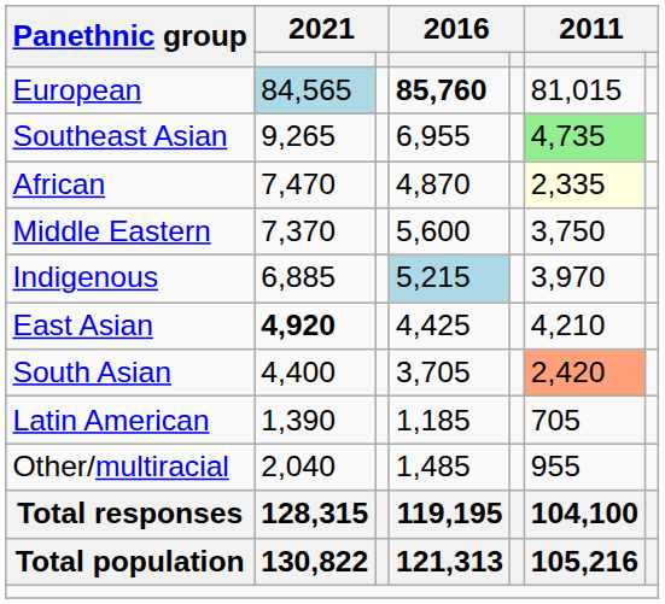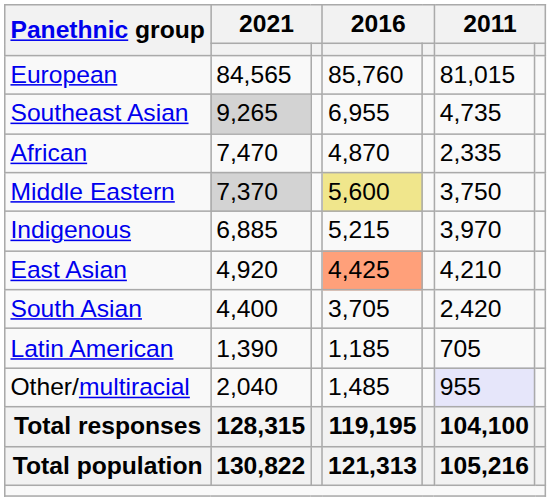 <table class="wikitable collapsible sortable">
 <tr>
 <th rowspan="2"><a href='#'>Panethnic</a> group</th>
 <th colspan="2">2021</th>
 <th colspan="2">2016</th>
 <th colspan="2">2011</th>
 </tr>
 <tr>
 <th><a href='#'></a></th>
 <th></th>
 <th></th>
 <th></th>
 <th></th>
 <th></th>
 </tr>
 <tr>
 <td><a href='#'>European</a></td>
-<td style="background: lightblue;">84,565</td>
+<td>84,565</td>
 <td></td>
-<td><strong>85,760</strong></td>
+<td>85,760</td>
 <td></td>
 <td>81,015</td>
 <td></td>
 </tr>
 <tr>
 <td><a href='#'>Southeast Asian</a></td>
-<td>9,265</td>
+<td style="background: lightgrey;">9,265</td>
 <td></td>
 <td>6,955</td>
 <td></td>
-<td style="background: lightgreen;">4,735</td>
+<td>4,735</td>
 <td></td>
 </tr>
 <tr>
 <td><a href='#'>African</a></td>
 <td>7,470</td>
 <td></td>
 <td>4,870</td>
 <td></td>
-<td style="background: lightyellow;">2,335</td>
+<td>2,335</td>
 <td></td>
 </tr>
 <tr>
 <td><a href='#'>Middle Eastern</a></td>
-<td>7,370</td>
+<td style="background: lightgrey;">7,370</td>
 <td></td>
-<td>5,600</td>
+<td style="background: khaki;">5,600</td>
 <td></td>
 <td>3,750</td>
 <td></td>
 </tr>
 <tr>
 <td><a href='#'>Indigenous</a></td>
 <td>6,885</td>
 <td></td>
-<td style="background: lightblue;">5,215</td>
+<td>5,215</td>
 <td></td>
 <td>3,970</td>
 <td></td>
 </tr>
 <tr>
 <td><a href='#'>East Asian</a></td>
-<td><strong>4,920</strong></td>
+<td>4,920</td>
 <td></td>
-<td>4,425</td>
+<td style="background: lightsalmon;">4,425</td>
 <td></td>
 <td>4,210</td>
 <td></td>
 </tr>
 <tr>
 <td><a href='#'>South Asian</a></td>
 <td>4,400</td>
 <td></td>
 <td>3,705</td>
 <td></td>
-<td style="background: lightsalmon;">2,420</td>
+<td>2,420</td>
 <td></td>
 </tr>
 <tr>
 <td><a href='#'>Latin American</a></td>
 <td>1,390</td>
 <td></td>
 <td>1,185</td>
 <td></td>
 <td>705</td>
 <td></td>
 </tr>
 <tr>
 <td>Other/<a href='#'>multiracial</a></td>
 <td>2,040</td>
 <td></td>
 <td>1,485</td>
 <td></td>
-<td>955</td>
+<td style="background: lavender;">955</td>
 <td></td>
 </tr>
 <tr>
 <th>Total responses</th>
 <th>128,315</th>
 <th></th>
 <th>119,195</th>
 <th></th>
 <th>104,100</th>
 <th></th>
 </tr>
 <tr class="sortbottom">
 <th>Total population</th>
 <th>130,822</th>
 <th></th>
 <th>121,313</th>
 <th></th>
 <th>105,216</th>
 <th></th>
 </tr>
 <tr class="sortbottom">
 <td colspan="15"></td>
 </tr>
 </table>
